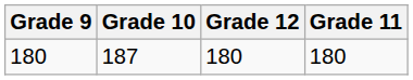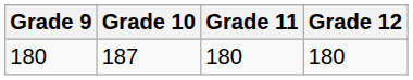 <table class="wikitable">
 <tr>
 <th>Grade 9</th>
 <th>Grade 10</th>
+<th>Grade 11</th>
 <th>Grade 12</th>
-<th>Grade 11</th>
 </tr>
 <tr>
 <td>180</td>
 <td>187</td>
 <td>180</td>
 <td>180</td>
 </tr>
 </table>
